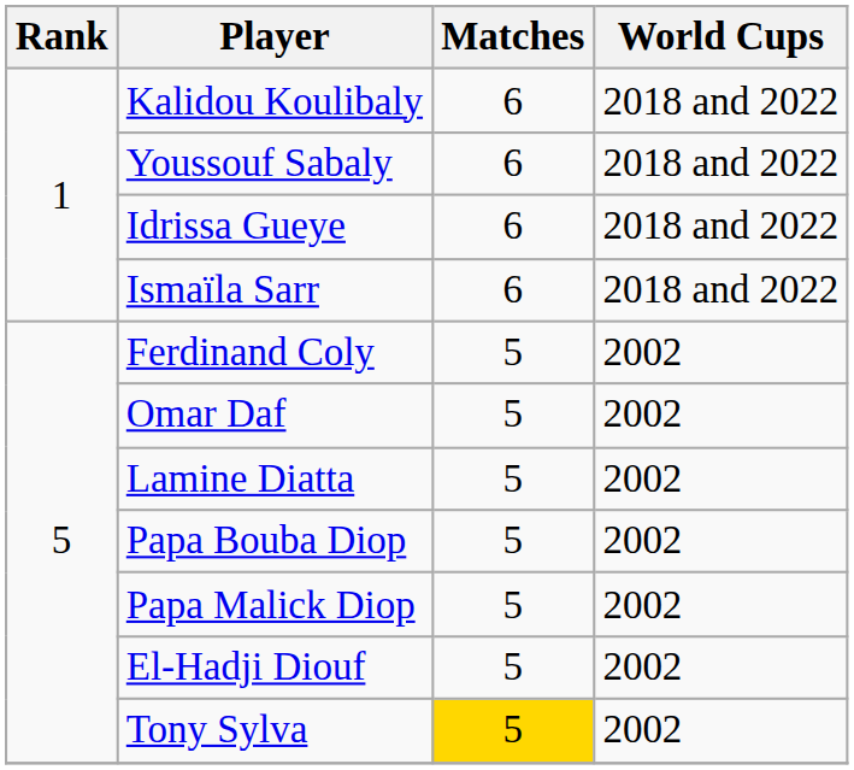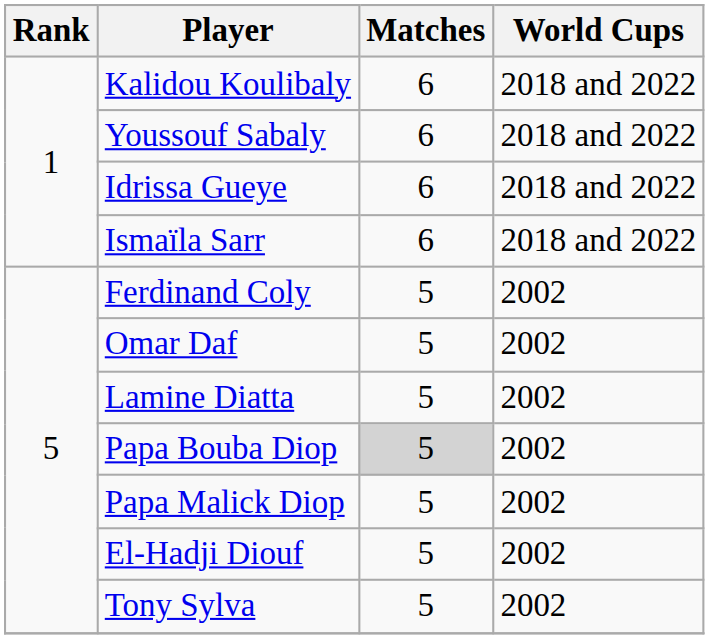 <table class="wikitable" style="text-align: left;">
 <tr>
 <th>Rank</th>
 <th>Player</th>
 <th>Matches</th>
 <th>World Cups</th>
 </tr>
 <tr>
 <td rowspan=4 align=center>1</td>
 <td><a href='#'>Kalidou Koulibaly</a></td>
 <td align=center>6</td>
 <td>2018 and 2022</td>
 </tr>
 <tr>
 <td><a href='#'>Youssouf Sabaly</a></td>
 <td align=center>6</td>
 <td>2018 and 2022</td>
 </tr>
 <tr>
 <td><a href='#'>Idrissa Gueye</a></td>
 <td align=center>6</td>
 <td>2018 and 2022</td>
 </tr>
 <tr>
 <td><a href='#'>Ismaïla Sarr</a></td>
 <td align=center>6</td>
 <td>2018 and 2022</td>
 </tr>
 <tr>
 <td rowspan=7 align=center>5</td>
 <td><a href='#'>Ferdinand Coly</a></td>
 <td align=center>5</td>
 <td>2002</td>
 </tr>
 <tr>
 <td><a href='#'>Omar Daf</a></td>
 <td align=center>5</td>
 <td>2002</td>
 </tr>
 <tr>
 <td><a href='#'>Lamine Diatta</a></td>
 <td align=center>5</td>
 <td>2002</td>
 </tr>
 <tr>
 <td><a href='#'>Papa Bouba Diop</a></td>
-<td align=center>5</td>
+<td align=center style="background: lightgrey;">5</td>
 <td>2002</td>
 </tr>
 <tr>
 <td><a href='#'>Papa Malick Diop</a></td>
 <td align=center>5</td>
 <td>2002</td>
 </tr>
 <tr>
 <td><a href='#'>El-Hadji Diouf</a></td>
 <td align=center>5</td>
 <td>2002</td>
 </tr>
 <tr>
 <td><a href='#'>Tony Sylva</a></td>
-<td align=center style="background: gold;">5</td>
+<td align=center>5</td>
 <td>2002</td>
 </tr>
 <tr>
 </tr>
 </table>
